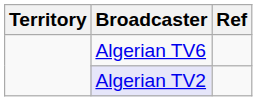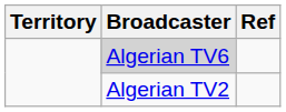 <table class="wikitable">
 <tr>
 <th>Territory</th>
 <th>Broadcaster</th>
 <th>Ref</th>
 </tr>
 <tr>
 <td rowspan=2></td>
-<td><a href='#'>Algerian TV6</a> </td>
+<td style="background: lightgrey;"><a href='#'>Algerian TV6</a> </td>
 <td></td>
 </tr>
 <tr>
-<td style="background: lavender;"><a href='#'>Algerian TV2</a> </td>
+<td><a href='#'>Algerian TV2</a> </td>
 <td></td>
 </tr>
 </table>
